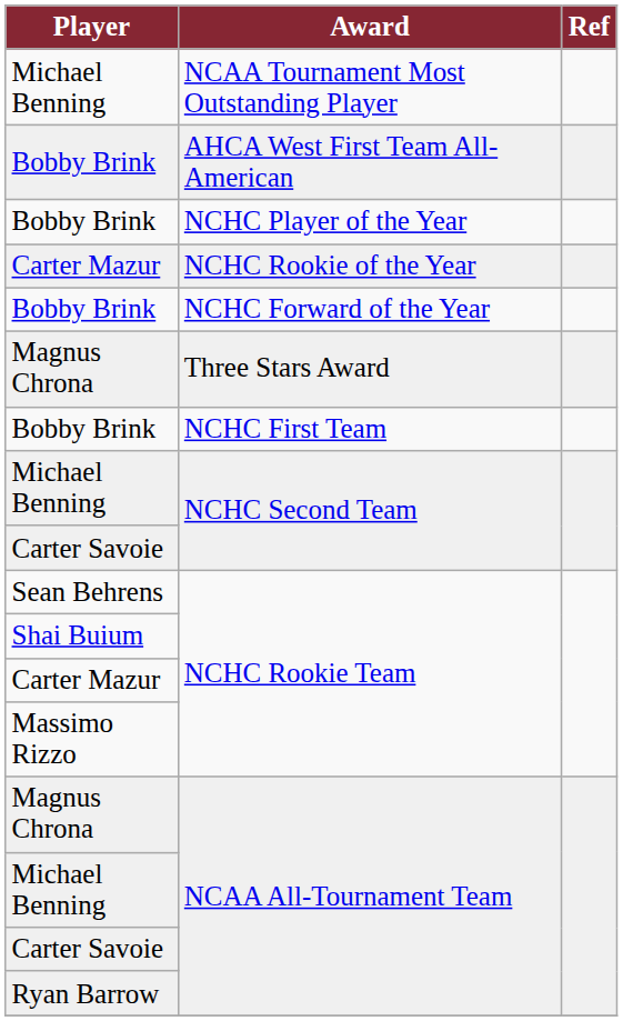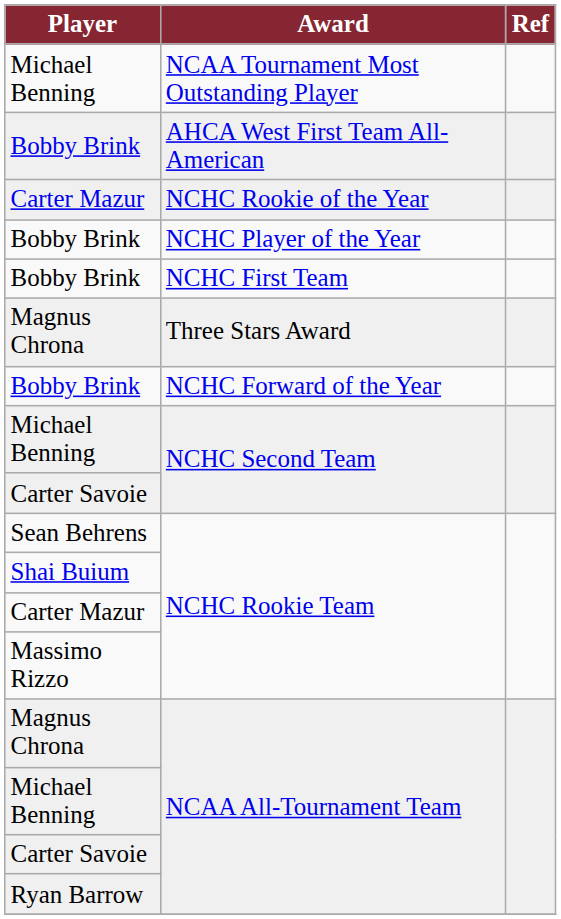 <table class="wikitable" width=40%>
 <tr>
 <th style="color:white; background:#862633; ">Player</th>
 <th style="color:white; background:#862633; ">Award</th>
 <th style="color:white; background:#862633; ">Ref</th>
 </tr>
 <tr>
 <td>Michael Benning</td>
 <td rowspan=1><a href='#'>NCAA Tournament Most Outstanding Player</a></td>
 <td rowspan=1></td>
 </tr>
 <tr bgcolor=f0f0f0>
 <td><a href='#'>Bobby Brink</a></td>
 <td rowspan=1><a href='#'>AHCA West First Team All-American</a></td>
 <td rowspan=1></td>
 </tr>
-<tr>
-<td>Bobby Brink</td>
-<td rowspan=1><a href='#'>NCHC Player of the Year</a></td>
-<td rowspan=1></td>
-</tr>
 <tr bgcolor=f0f0f0>
 <td><a href='#'>Carter Mazur</a></td>
 <td rowspan=1><a href='#'>NCHC Rookie of the Year</a></td>
 <td rowspan=1></td>
 </tr>
 <tr>
-<td><a href='#'>Bobby Brink</a></td>
-<td rowspan=1><a href='#'>NCHC Forward of the Year</a></td>
+<td>Bobby Brink</td>
+<td rowspan=1><a href='#'>NCHC Player of the Year</a></td>
+<td rowspan=1></td>
+</tr>
+<tr>
+<td>Bobby Brink</td>
+<td rowspan=1><a href='#'>NCHC First Team</a></td>
 <td rowspan=1></td>
 </tr>
 <tr bgcolor=f0f0f0>
 <td>Magnus Chrona</td>
 <td rowspan=1>Three Stars Award</td>
 <td rowspan=1></td>
 </tr>
 <tr>
-<td>Bobby Brink</td>
-<td rowspan=1><a href='#'>NCHC First Team</a></td>
+<td><a href='#'>Bobby Brink</a></td>
+<td rowspan=1><a href='#'>NCHC Forward of the Year</a></td>
 <td rowspan=1></td>
 </tr>
 <tr bgcolor=f0f0f0>
 <td>Michael Benning</td>
 <td rowspan=2><a href='#'>NCHC Second Team</a></td>
 <td rowspan=2></td>
 </tr>
 <tr bgcolor=f0f0f0>
 <td>Carter Savoie</td>
 </tr>
 <tr>
 <td>Sean Behrens</td>
 <td rowspan=4><a href='#'>NCHC Rookie Team</a></td>
 <td rowspan=4></td>
 </tr>
 <tr>
 <td><a href='#'>Shai Buium</a></td>
 </tr>
 <tr>
 <td>Carter Mazur</td>
 </tr>
 <tr>
 <td>Massimo Rizzo</td>
 </tr>
 <tr bgcolor=f0f0f0>
 <td>Magnus Chrona</td>
 <td rowspan=4><a href='#'>NCAA All-Tournament Team</a></td>
 <td rowspan=4></td>
 </tr>
 <tr bgcolor=f0f0f0>
 <td>Michael Benning</td>
 </tr>
 <tr bgcolor=f0f0f0>
 <td>Carter Savoie</td>
 </tr>
 <tr bgcolor=f0f0f0>
 <td>Ryan Barrow</td>
 </tr>
 <tr>
 </tr>
 </table>
